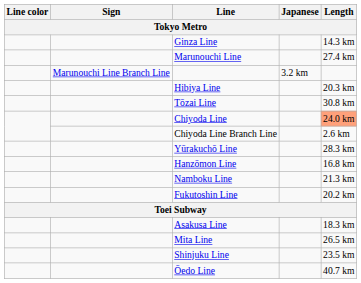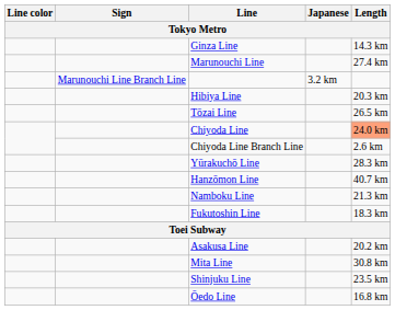 <table class="wikitable sortable">
 <tr>
 <th>Line color</th>
 <th>Sign</th>
 <th>Line</th>
 <th>Japanese</th>
 <th>Length</th>
 </tr>
 <tr>
 <th colspan="10">Tokyo Metro</th>
 </tr>
 <tr>
 <td style="background:#"></td>
 <td style="text-align:center;"></td>
 <td><a href='#'>Ginza Line</a></td>
 <td></td>
 <td>14.3 km</td>
 </tr>
 <tr>
 <td style="background:#"></td>
 <td style="text-align:center;"></td>
 <td><a href='#'>Marunouchi Line</a></td>
 <td></td>
 <td>27.4 km</td>
 </tr>
 <tr>
 <td style="text-align:center;"></td>
 <td><a href='#'>Marunouchi Line Branch Line</a></td>
 <td></td>
 <td>3.2 km</td>
 </tr>
 <tr>
 <td style="background:#"></td>
 <td style="text-align:center;"></td>
 <td><a href='#'>Hibiya Line</a></td>
 <td></td>
 <td>20.3 km</td>
 </tr>
 <tr>
 <td style="background:#"></td>
 <td style="text-align:center;"></td>
 <td><a href='#'>Tōzai Line</a></td>
 <td></td>
-<td>30.8 km</td>
+<td>26.5 km</td>
 </tr>
 <tr>
 <td rowspan="2" style="background:#"></td>
 <td style="text-align:center;"></td>
 <td><a href='#'>Chiyoda Line</a></td>
 <td></td>
 <td style="background: lightsalmon;">24.0 km</td>
 </tr>
 <tr>
 <td></td>
 <td>Chiyoda Line Branch Line</td>
 <td></td>
 <td>2.6 km</td>
 </tr>
 <tr>
 <td style="background:#"></td>
 <td style="text-align:center;"></td>
 <td><a href='#'>Yūrakuchō Line</a></td>
 <td></td>
 <td>28.3 km</td>
 </tr>
 <tr>
 <td style="background:#"></td>
 <td style="text-align:center;"></td>
 <td><a href='#'>Hanzōmon Line</a></td>
 <td></td>
-<td>16.8 km</td>
+<td>40.7 km</td>
 </tr>
 <tr>
 <td style="background:#"></td>
 <td style="text-align:center;"></td>
 <td><a href='#'>Namboku Line</a></td>
 <td></td>
 <td>21.3 km</td>
 </tr>
 <tr>
 <td style="background:#"></td>
 <td style="text-align:center;"></td>
 <td><a href='#'>Fukutoshin Line</a></td>
 <td></td>
-<td>20.2 km</td>
+<td>18.3 km</td>
 </tr>
 <tr>
 <th colspan="10">Toei Subway</th>
 </tr>
 <tr>
 <td style="background:#"></td>
 <td style="text-align:center;"></td>
 <td><a href='#'>Asakusa Line</a></td>
 <td></td>
-<td>18.3 km</td>
+<td>20.2 km</td>
 </tr>
 <tr>
 <td style="background:#"></td>
 <td style="text-align:center;"></td>
 <td><a href='#'>Mita Line</a></td>
 <td></td>
-<td>26.5 km</td>
+<td>30.8 km</td>
 </tr>
 <tr>
 <td style="background:#"></td>
 <td style="text-align:center;"></td>
 <td><a href='#'>Shinjuku Line</a></td>
 <td></td>
 <td>23.5 km</td>
 </tr>
 <tr>
 <td style="background:#"></td>
 <td style="text-align:center;"></td>
 <td><a href='#'>Ōedo Line</a></td>
 <td></td>
-<td>40.7 km</td>
+<td>16.8 km</td>
 </tr>
 </table>
